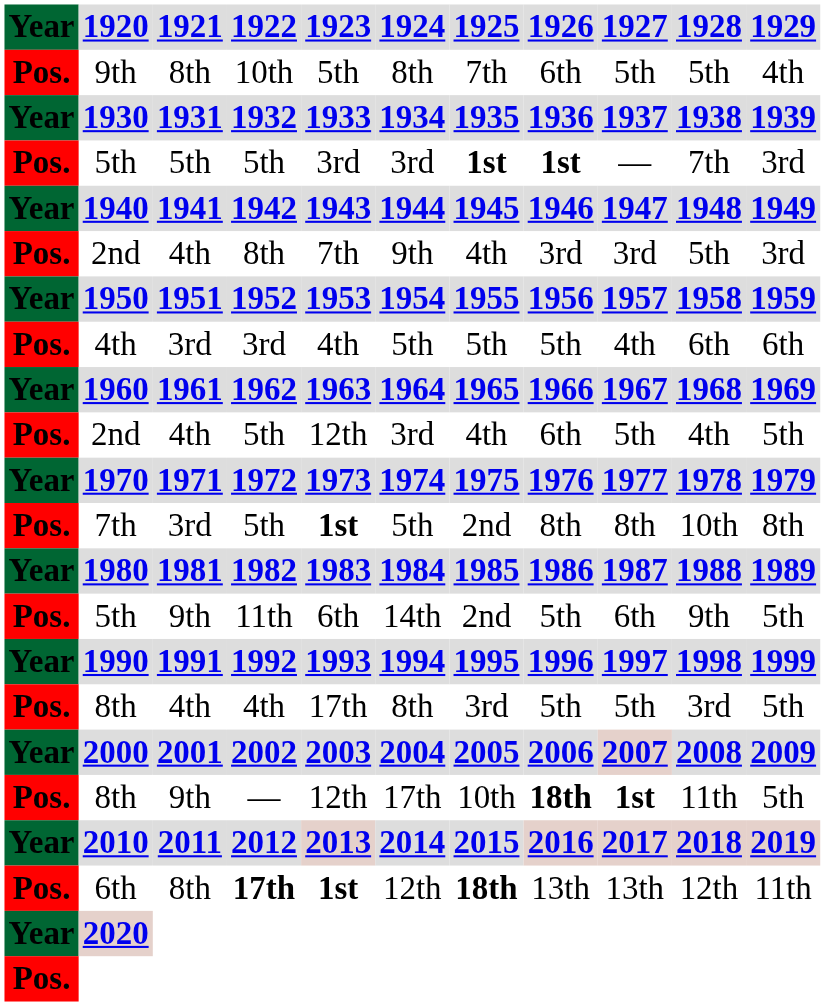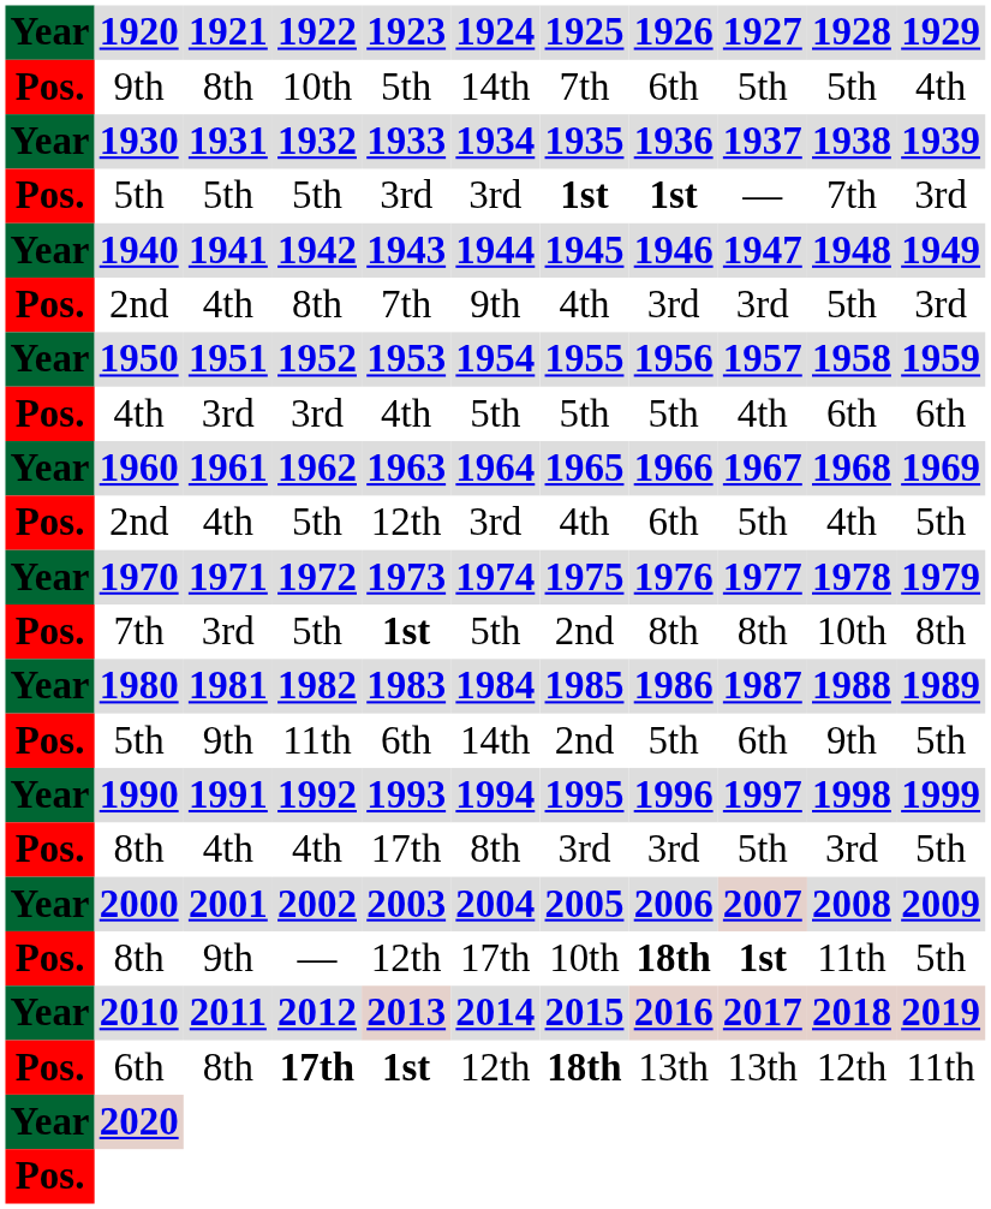 <table class="toccolours" border="0" cellpadding="2" cellspacing="0" align="left" style="margin:0.5em;">
 <tr>
 <th align=center style="background-color: #006633;"><span>Year</span></th>
 <th align=center style="background-color: #ddd;"><a href='#'>1920</a></th>
 <th align=center style="background-color: #ddd;"><a href='#'>1921</a></th>
 <th align=center style="background-color: #ddd;"><a href='#'>1922</a></th>
 <th align=center style="background-color: #ddd;"><a href='#'>1923</a></th>
 <th align=center style="background-color: #ddd;"><a href='#'>1924</a></th>
 <th align=center style="background-color: #ddd;"><a href='#'>1925</a></th>
 <th align=center style="background-color: #ddd;"><a href='#'>1926</a></th>
 <th align=center style="background-color: #ddd;"><a href='#'>1927</a></th>
 <th align=center style="background-color: #ddd;"><a href='#'>1928</a></th>
 <th align=center style="background-color: #ddd;"><a href='#'>1929</a></th>
 </tr>
 <tr>
 <th align="center" style="background-color: #FF0000;"><span>Pos.</span></th>
 <td align="center">9th</td>
 <td align="center">8th</td>
 <td align="center">10th</td>
 <td align="center">5th</td>
-<td align="center">8th</td>
+<td align="center">14th</td>
 <td align="center">7th</td>
 <td align="center">6th</td>
 <td align="center">5th</td>
 <td align="center">5th</td>
 <td align="center">4th</td>
 </tr>
 <tr>
 <th align=center style="background-color: #006633;"><span>Year</span></th>
 <th align=center style="background-color: #ddd;"><a href='#'>1930</a></th>
 <th align=center style="background-color: #ddd;"><a href='#'>1931</a></th>
 <th align=center style="background-color: #ddd;"><a href='#'>1932</a></th>
 <th align=center style="background-color: #ddd;"><a href='#'>1933</a></th>
 <th align=center style="background-color: #ddd;"><a href='#'>1934</a></th>
 <th align=center style="background-color: #ddd;"><a href='#'>1935</a></th>
 <th align=center style="background-color: #ddd;"><a href='#'>1936</a></th>
 <th align=center style="background-color: #ddd;"><a href='#'>1937</a></th>
 <th align=center style="background-color: #ddd;"><a href='#'>1938</a></th>
 <th align=center style="background-color: #ddd;"><a href='#'>1939</a></th>
 </tr>
 <tr>
 <th align="center" style="background-color: #FF0000;"><span>Pos.</span></th>
 <td align="center">5th</td>
 <td align="center">5th</td>
 <td align="center">5th</td>
 <td align="center">3rd</td>
 <td align="center">3rd</td>
 <td align="center"><strong>1st</strong></td>
 <td align="center"><strong>1st</strong></td>
 <td align="center">—</td>
 <td align="center">7th</td>
 <td align="center">3rd</td>
 </tr>
 <tr>
 <th align=center style="background-color: #006633;"><span>Year</span></th>
 <th align=center style="background-color: #ddd;"><a href='#'>1940</a></th>
 <th align=center style="background-color: #ddd;"><a href='#'>1941</a></th>
 <th align=center style="background-color: #ddd;"><a href='#'>1942</a></th>
 <th align=center style="background-color: #ddd;"><a href='#'>1943</a></th>
 <th align=center style="background-color: #ddd;"><a href='#'>1944</a></th>
 <th align=center style="background-color: #ddd;"><a href='#'>1945</a></th>
 <th align=center style="background-color: #ddd;"><a href='#'>1946</a></th>
 <th align=center style="background-color: #ddd;"><a href='#'>1947</a></th>
 <th align=center style="background-color: #ddd;"><a href='#'>1948</a></th>
 <th align=center style="background-color: #ddd;"><a href='#'>1949</a></th>
 </tr>
 <tr>
 <th align="center" style="background-color: #FF0000;"><span>Pos.</span></th>
 <td align="center">2nd</td>
 <td align="center">4th</td>
 <td align="center">8th</td>
 <td align="center">7th</td>
 <td align="center">9th</td>
 <td align="center">4th</td>
 <td align="center">3rd</td>
 <td align="center">3rd</td>
 <td align="center">5th</td>
 <td align="center">3rd</td>
 </tr>
 <tr>
 <th align=center style="background-color: #006633;"><span>Year</span></th>
 <th align=center style="background-color: #ddd;"><a href='#'>1950</a></th>
 <th align=center style="background-color: #ddd;"><a href='#'>1951</a></th>
 <th align=center style="background-color: #ddd;"><a href='#'>1952</a></th>
 <th align=center style="background-color: #ddd;"><a href='#'>1953</a></th>
 <th align=center style="background-color: #ddd;"><a href='#'>1954</a></th>
 <th align=center style="background-color: #ddd;"><a href='#'>1955</a></th>
 <th align=center style="background-color: #ddd;"><a href='#'>1956</a></th>
 <th align=center style="background-color: #ddd;"><a href='#'>1957</a></th>
 <th align=center style="background-color: #ddd;"><a href='#'>1958</a></th>
 <th align=center style="background-color: #ddd;"><a href='#'>1959</a></th>
 </tr>
 <tr>
 <th align="center" style="background-color: #FF0000;"><span>Pos.</span></th>
 <td align="center">4th</td>
 <td align="center">3rd</td>
 <td align="center">3rd</td>
 <td align="center">4th</td>
 <td align="center">5th</td>
 <td align="center">5th</td>
 <td align="center">5th</td>
 <td align="center">4th</td>
 <td align="center">6th</td>
 <td align="center">6th</td>
 </tr>
 <tr>
 <th align=center style="background-color: #006633;"><span>Year</span></th>
 <th align=center style="background-color: #ddd;"><a href='#'>1960</a></th>
 <th align=center style="background-color: #ddd;"><a href='#'>1961</a></th>
 <th align=center style="background-color: #ddd;"><a href='#'>1962</a></th>
 <th align=center style="background-color: #ddd;"><a href='#'>1963</a></th>
 <th align=center style="background-color: #ddd;"><a href='#'>1964</a></th>
 <th align=center style="background-color: #ddd;"><a href='#'>1965</a></th>
 <th align=center style="background-color: #ddd;"><a href='#'>1966</a></th>
 <th align=center style="background-color: #ddd;"><a href='#'>1967</a></th>
 <th align=center style="background-color: #ddd;"><a href='#'>1968</a></th>
 <th align=center style="background-color: #ddd;"><a href='#'>1969</a></th>
 </tr>
 <tr>
 <th align="center" style="background-color: #FF0000;"><span>Pos.</span></th>
 <td align="center">2nd</td>
 <td align="center">4th</td>
 <td align="center">5th</td>
 <td align="center">12th</td>
 <td align="center">3rd</td>
 <td align="center">4th</td>
 <td align="center">6th</td>
 <td align="center">5th</td>
 <td align="center">4th</td>
 <td align="center">5th</td>
 </tr>
 <tr>
 <th align=center style="background-color: #006633;"><span>Year</span></th>
 <th align=center style="background-color: #ddd;"><a href='#'>1970</a></th>
 <th align=center style="background-color: #ddd;"><a href='#'>1971</a></th>
 <th align=center style="background-color: #ddd;"><a href='#'>1972</a></th>
 <th align=center style="background-color: #ddd;"><a href='#'>1973</a></th>
 <th align=center style="background-color: #ddd;"><a href='#'>1974</a></th>
 <th align=center style="background-color: #ddd;"><a href='#'>1975</a></th>
 <th align=center style="background-color: #ddd;"><a href='#'>1976</a></th>
 <th align=center style="background-color: #ddd;"><a href='#'>1977</a></th>
 <th align=center style="background-color: #ddd;"><a href='#'>1978</a></th>
 <th align=center style="background-color: #ddd;"><a href='#'>1979</a></th>
 </tr>
 <tr>
 <th align="center" style="background-color: #FF0000;"><span>Pos.</span></th>
 <td align="center">7th</td>
 <td align="center">3rd</td>
 <td align="center">5th</td>
 <td align="center"><strong>1st</strong></td>
 <td align="center">5th</td>
 <td align="center">2nd</td>
 <td align="center">8th</td>
 <td align="center">8th</td>
 <td align="center">10th</td>
 <td align="center">8th</td>
 </tr>
 <tr>
 <th align=center style="background-color: #006633;"><span>Year</span></th>
 <th align=center style="background-color: #ddd;"><a href='#'>1980</a></th>
 <th align=center style="background-color: #ddd;"><a href='#'>1981</a></th>
 <th align=center style="background-color: #ddd;"><a href='#'>1982</a></th>
 <th align=center style="background-color: #ddd;"><a href='#'>1983</a></th>
 <th align=center style="background-color: #ddd;"><a href='#'>1984</a></th>
 <th align=center style="background-color: #ddd;"><a href='#'>1985</a></th>
 <th align=center style="background-color: #ddd;"><a href='#'>1986</a></th>
 <th align=center style="background-color: #ddd;"><a href='#'>1987</a></th>
 <th align=center style="background-color: #ddd;"><a href='#'>1988</a></th>
 <th align=center style="background-color: #ddd;"><a href='#'>1989</a></th>
 </tr>
 <tr>
 <th align="center" style="background-color: #FF0000;"><span>Pos.</span></th>
 <td align="center">5th</td>
 <td align="center">9th</td>
 <td align="center">11th</td>
 <td align="center">6th</td>
 <td align="center">14th</td>
 <td align="center">2nd</td>
 <td align="center">5th</td>
 <td align="center">6th</td>
 <td align="center">9th</td>
 <td align="center">5th</td>
 </tr>
 <tr>
 <th align=center style="background-color: #006633;"><span>Year</span></th>
 <th align=center style="background-color: #ddd;"><a href='#'>1990</a></th>
 <th align=center style="background-color: #ddd;"><a href='#'>1991</a></th>
 <th align=center style="background-color: #ddd;"><a href='#'>1992</a></th>
 <th align=center style="background-color: #ddd;"><a href='#'>1993</a></th>
 <th align=center style="background-color: #ddd;"><a href='#'>1994</a></th>
 <th align=center style="background-color: #ddd;"><a href='#'>1995</a></th>
 <th align=center style="background-color: #ddd;"><a href='#'>1996</a></th>
 <th align=center style="background-color: #ddd;"><a href='#'>1997</a></th>
 <th align=center style="background-color: #ddd;"><a href='#'>1998</a></th>
 <th align=center style="background-color: #ddd;"><a href='#'>1999</a></th>
 </tr>
 <tr>
 <th align="center" style="background-color: #FF0000;"><span>Pos.</span></th>
 <td align="center">8th</td>
 <td align="center">4th</td>
 <td align="center">4th</td>
 <td align="center">17th</td>
 <td align="center">8th</td>
 <td align="center">3rd</td>
-<td align="center">5th</td>
+<td align="center">3rd</td>
 <td align="center">5th</td>
 <td align="center">3rd</td>
 <td align="center">5th</td>
 </tr>
 <tr>
 <th align=center style="background-color: #006633;"><span>Year</span></th>
 <th align=center style="background-color: #ddd;"><a href='#'>2000</a></th>
 <th align=center style="background-color: #ddd;"><a href='#'>2001</a></th>
 <th align=center style="background-color: #ddd;"><a href='#'>2002</a></th>
 <th align=center style="background-color: #ddd;"><a href='#'>2003</a></th>
 <th align=center style="background-color: #ddd;"><a href='#'>2004</a></th>
 <th align=center style="background-color: #ddd;"><a href='#'>2005</a></th>
 <th align=center style="background-color: #ddd;"><a href='#'>2006</a></th>
 <th align=center style="background-color: #e5d1cb;"><a href='#'>2007</a></th>
 <th align=center style="background-color: #ddd;"><a href='#'>2008</a></th>
 <th align=center style="background-color: #ddd;"><a href='#'>2009</a></th>
 </tr>
 <tr>
 <th align="center" style="background-color: #FF0000;"><span>Pos.</span></th>
 <td align="center">8th</td>
 <td align="center">9th</td>
 <td align="center">—</td>
 <td align="center">12th</td>
 <td align="center">17th</td>
 <td align="center">10th</td>
 <td align="center"> <span><strong>18th</strong></span></td>
 <td align="center"> <span><strong>1st</strong></span></td>
 <td align="center">11th</td>
 <td align="center">5th</td>
 </tr>
 <tr>
 <th align=center style="background-color: #006633;"><span>Year</span></th>
 <th align=center style="background-color: #ddd;"><a href='#'>2010</a></th>
 <th align=center style="background-color: #ddd;"><a href='#'>2011</a></th>
 <th align=center style="background-color: #ddd;"><a href='#'>2012</a></th>
 <th align=center style="background-color: #e5d1cb;"><a href='#'>2013</a></th>
 <th align=center style="background-color: #ddd;"><a href='#'>2014</a></th>
 <th align=center style="background-color: #ddd;"><a href='#'>2015</a></th>
 <th align=center style="background-color: #e5d1cb;"><a href='#'>2016</a></th>
 <th align=center style="background-color: #e5d1cb;"><a href='#'>2017</a></th>
 <th align=center style="background-color: #e5d1cb;"><a href='#'>2018</a></th>
 <th align=center style="background-color: #e5d1cb;"><a href='#'>2019</a></th>
 </tr>
 <tr>
 <th align="center" style="background-color: #FF0000;"><span>Pos.</span></th>
 <td align="center">6th</td>
 <td align="center">8th</td>
 <td align="center"> <span><strong>17th</strong></span></td>
 <td align="center"> <span><strong>1st</strong></span></td>
 <td align="center">12th</td>
 <td align="center"> <span><strong>18th</strong></span></td>
 <td align="center">13th</td>
 <td align="center">13th</td>
 <td align="center">12th</td>
 <td align="center">11th</td>
 </tr>
 <tr>
 <th align=center style="background-color: #006633;"><span>Year</span></th>
 <th align=center style="background-color: #e5d1cb;"><a href='#'>2020</a></th>
 </tr>
 <tr>
 <th align="center" style="background-color: #FF0000;"><span>Pos.</span></th>
 <td align="center"></td>
 </tr>
 </table>
